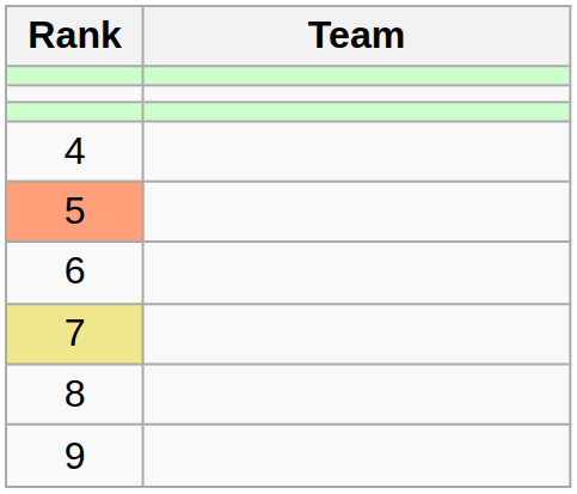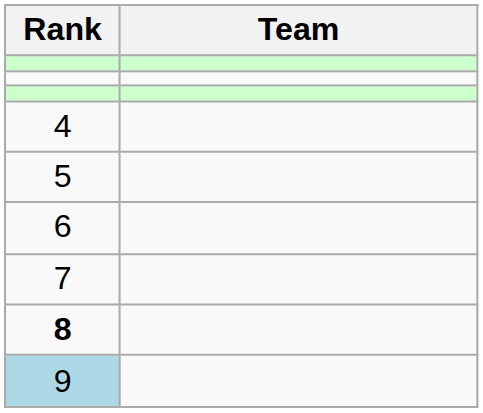 <table class="wikitable" style="text-align: center">
 <tr>
 <th width=50>Rank</th>
 <th width=170>Team</th>
 </tr>
 <tr bgcolor=#ccffcc>
 <td></td>
 <td align=left></td>
 </tr>
 <tr>
 <td></td>
 <td align=left></td>
 </tr>
 <tr bgcolor=#ccffcc>
 <td></td>
 <td align=left></td>
 </tr>
 <tr>
 <td>4</td>
 <td align=left></td>
 </tr>
 <tr>
-<td style="background: lightsalmon;">5</td>
+<td>5</td>
 <td align=left></td>
 </tr>
 <tr>
 <td>6</td>
 <td align=left></td>
 </tr>
 <tr>
-<td style="background: khaki;">7</td>
+<td>7</td>
 <td align=left></td>
 </tr>
 <tr>
-<td>8</td>
+<td><strong>8</strong></td>
 <td align=left></td>
 </tr>
 <tr>
-<td>9</td>
+<td style="background: lightblue;">9</td>
 <td align=left></td>
 </tr>
 </table>
